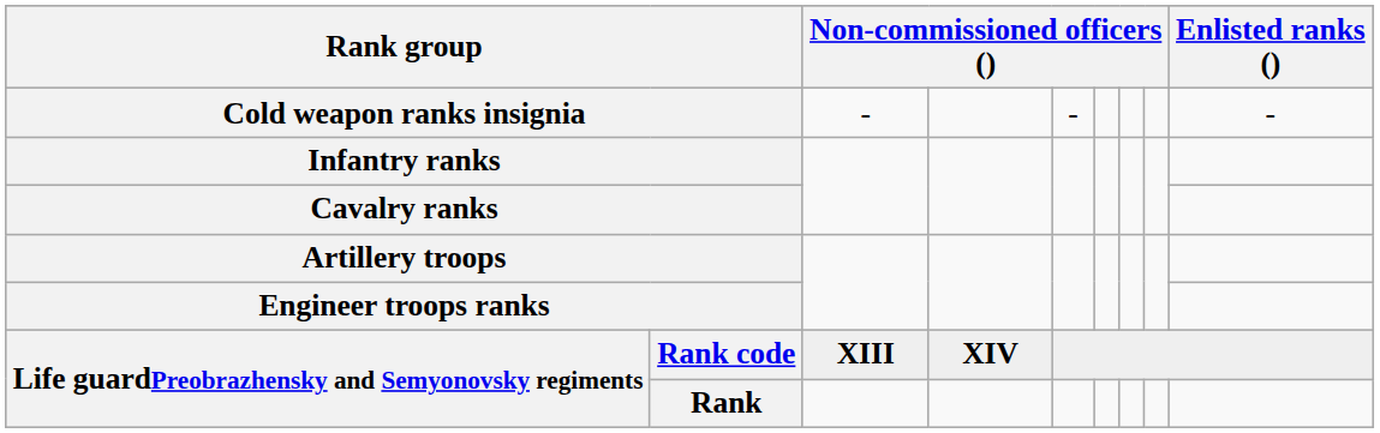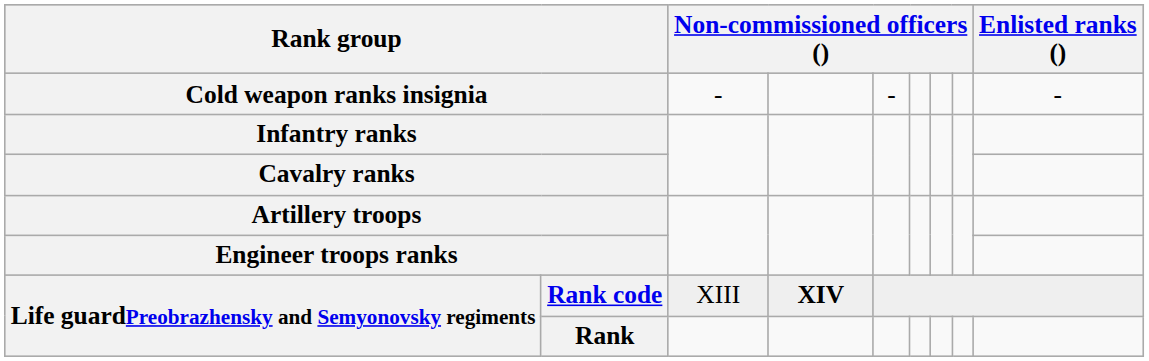 <table class="wikitable">
 <tr align="center" style="background:#cfcfcf;">
 <th colspan="2">Rank group</th>
 <th colspan="6"><a href='#'>Non-commissioned officers</a><br>()</th>
 <th><a href='#'>Enlisted ranks</a><br>()</th>
 </tr>
 <tr style="text-align:center;">
 <th colspan="2">Cold weapon ranks insignia</th>
 <td>-</td>
 <td></td>
 <td>-</td>
 <td></td>
 <td></td>
 <td></td>
 <td>-</td>
 </tr>
 <tr style="text-align:center;">
 <th colspan="2">Infantry ranks</th>
 <td rowspan="2"><br></td>
 <td rowspan="2"><br></td>
 <td rowspan="2"><br></td>
 <td rowspan="2"><br></td>
 <td rowspan="2"><br></td>
 <td rowspan="2"><br></td>
 <td><br></td>
 </tr>
 <tr style="text-align:center;">
 <th colspan="2">Cavalry ranks</th>
 <td><br></td>
 </tr>
 <tr style="text-align:center;">
 <th colspan="2">Artillery troops</th>
 <td rowspan="2"><br></td>
 <td rowspan="2"><br></td>
 <td rowspan="2"><br></td>
 <td rowspan="2"><br></td>
 <td rowspan="2"><br></td>
 <td rowspan="2"><br></td>
 <td><br></td>
 </tr>
 <tr style="text-align:center;">
 <th colspan="2">Engineer troops ranks</th>
 <td><br></td>
 </tr>
 <tr style="background:#efefef;text-align:center;">
 <th rowspan="2">Life guard<small><a href='#'>Preobrazhensky</a> and <a href='#'>Semyonovsky</a> regiments</small></th>
 <th><a href='#'>Rank code</a></th>
-<td><strong>XIII</strong></td>
+<td>XIII</td>
 <td><strong>XIV</strong></td>
 <td colspan="5"></td>
 </tr>
 <tr style="text-align:center;">
 <th>Rank</th>
 <td><br></td>
 <td><br></td>
 <td><br></td>
 <td><br></td>
 <td><br></td>
 <td><br></td>
 <td><br></td>
 </tr>
 </table>
